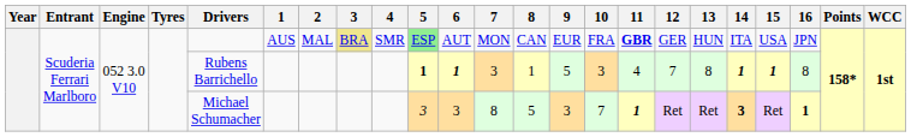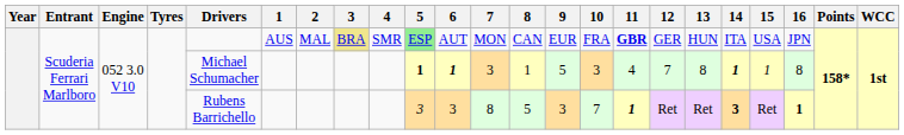 <table class="wikitable" style="text-align:center; font-size:95%">
 <tr>
 <th>Year</th>
 <th>Entrant</th>
 <th>Engine</th>
 <th>Tyres</th>
 <th>Drivers</th>
 <th>1</th>
 <th>2</th>
 <th>3</th>
 <th>4</th>
 <th>5</th>
 <th>6</th>
 <th>7</th>
 <th>8</th>
 <th>9</th>
 <th>10</th>
 <th>11</th>
 <th>12</th>
 <th>13</th>
 <th>14</th>
 <th>15</th>
 <th>16</th>
 <th>Points</th>
 <th>WCC</th>
 </tr>
 <tr>
 <th rowspan="3"></th>
 <td rowspan="3"><a href='#'>Scuderia Ferrari</a> <a href='#'>Marlboro</a></td>
 <td rowspan="3">052 3.0 <a href='#'>V10</a></td>
 <td rowspan="3"></td>
 <td></td>
 <td><a href='#'>AUS</a></td>
 <td><a href='#'>MAL</a></td>
 <td style="background: khaki;"><a href='#'>BRA</a></td>
 <td><a href='#'>SMR</a></td>
 <td style="background: lightgreen;"><a href='#'>ESP</a></td>
 <td><a href='#'>AUT</a></td>
 <td><a href='#'>MON</a></td>
 <td><a href='#'>CAN</a></td>
 <td><a href='#'>EUR</a></td>
 <td><a href='#'>FRA</a></td>
 <td><strong><a href='#'>GBR</a></strong></td>
 <td><a href='#'>GER</a></td>
 <td><a href='#'>HUN</a></td>
 <td><a href='#'>ITA</a></td>
 <td><a href='#'>USA</a></td>
 <td><a href='#'>JPN</a></td>
 <td rowspan="3" style="background:#FFFFBF;"><strong>158*</strong></td>
 <td rowspan="3" style="background:#FFFFBF;"><strong>1st</strong></td>
 </tr>
 <tr>
-<td> <a href='#'>Rubens Barrichello</a></td>
+<td> <a href='#'>Michael Schumacher</a></td>
 <td></td>
 <td></td>
 <td></td>
 <td></td>
 <td style="background:#FFFFBF;"><strong>1</strong></td>
 <td style="background:#FFFFBF;"><strong><em>1</em></strong></td>
 <td style="background:#FFDF9F;">3</td>
 <td style="background:#FFFFBF;">1</td>
 <td style="background:#DFFFDF;">5</td>
 <td style="background:#FFDF9F;">3</td>
 <td style="background:#DFFFDF;">4</td>
 <td style="background:#DFFFDF;">7</td>
 <td style="background:#DFFFDF;">8</td>
 <td style="background:#FFFFBF;"><strong><em>1</em></strong></td>
-<td style="background:#FFFFBF;"><strong><em>1</em></strong></td>
+<td style="background:#FFFFBF;"><em>1</em></td>
 <td style="background:#DFFFDF;">8</td>
 </tr>
 <tr>
-<td> <a href='#'>Michael Schumacher</a></td>
+<td> <a href='#'>Rubens Barrichello</a></td>
 <td></td>
 <td></td>
 <td></td>
 <td></td>
 <td style="background:#FFDF9F;"><em>3</em></td>
 <td style="background:#FFDF9F;">3</td>
 <td style="background:#DFFFDF;">8</td>
 <td style="background:#DFFFDF;">5</td>
 <td style="background:#FFDF9F;">3</td>
 <td style="background:#DFFFDF;">7</td>
 <td style="background:#FFFFBF;"><strong><em>1</em></strong></td>
 <td style="background:#EFCFFF;">Ret</td>
 <td style="background:#EFCFFF;">Ret</td>
 <td style="background:#FFDF9F;"><strong>3</strong></td>
 <td style="background:#EFCFFF;">Ret</td>
 <td style="background:#FFFFBF;"><strong>1</strong></td>
 </tr>
 </table>
